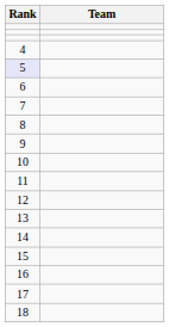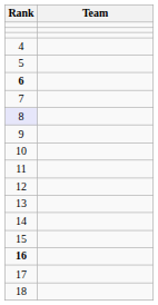 <table class="wikitable" style="text-align:center">
 <tr>
 <th width=40>Rank</th>
 <th width=160>Team</th>
 </tr>
 <tr>
 <td></td>
 <td style="text-align:left"></td>
 </tr>
 <tr>
 <td></td>
 <td style="text-align:left"></td>
 </tr>
 <tr>
 <td></td>
 <td style="text-align:left"></td>
 </tr>
 <tr>
 <td>4</td>
 <td style="text-align:left"></td>
 </tr>
 <tr>
-<td style="background: lavender;">5</td>
+<td>5</td>
 <td style="text-align:left"></td>
 </tr>
 <tr>
-<td>6</td>
+<td><strong>6</strong></td>
 <td style="text-align:left"></td>
 </tr>
 <tr>
 <td>7</td>
 <td style="text-align:left"></td>
 </tr>
 <tr>
-<td>8</td>
+<td style="background: lavender;">8</td>
 <td style="text-align:left"></td>
 </tr>
 <tr>
 <td>9</td>
 <td style="text-align:left"></td>
 </tr>
 <tr>
 <td>10</td>
 <td style="text-align:left"></td>
 </tr>
 <tr>
 <td>11</td>
 <td style="text-align:left"></td>
 </tr>
 <tr>
 <td>12</td>
 <td style="text-align:left"></td>
 </tr>
 <tr>
 <td>13</td>
 <td style="text-align:left"></td>
 </tr>
 <tr>
 <td>14</td>
 <td style="text-align:left"></td>
 </tr>
 <tr>
 <td>15</td>
 <td style="text-align:left"></td>
 </tr>
 <tr>
-<td>16</td>
+<td><strong>16</strong></td>
 <td style="text-align:left"></td>
 </tr>
 <tr>
 <td>17</td>
 <td style="text-align:left"></td>
 </tr>
 <tr>
 <td>18</td>
 <td style="text-align:left"></td>
 </tr>
 </table>
